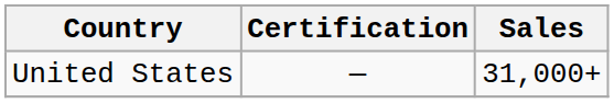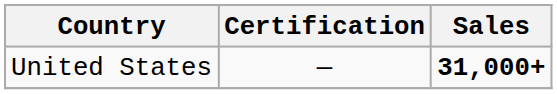 <table class="wikitable sortable">
 <tr>
 <th align="left">Country</th>
 <th align="left">Certification</th>
 <th align="left">Sales</th>
 </tr>
 <tr>
 <td align="left">United States</td>
 <td align="center">—</td>
-<td align="center">31,000+</td>
+<td align="center"><strong>31,000+</strong></td>
 </tr>
 <tr>
 </tr>
 </table>
